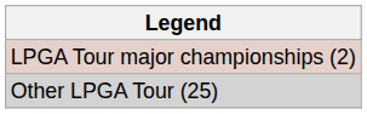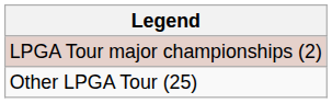 <table class="wikitable" style="font-size:95%;">
 <tr>
 <th>Legend</th>
 </tr>
 <tr style="background:#e5d1cb;">
 <td>LPGA Tour major championships (2)</td>
 </tr>
 <tr>
-<td style="background: lightgrey;">Other LPGA Tour (25)</td>
+<td>Other LPGA Tour (25)</td>
 </tr>
 </table>
